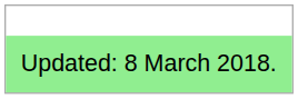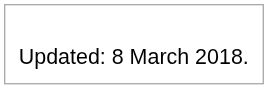 <table style="border:solid 1px #aaa;" cellpadding="10" cellspacing="0">
 <tr>
 <td></td>
 </tr>
 <tr>
-<td style="background: lightgreen;">Updated: 8 March 2018.</td>
+<td>Updated: 8 March 2018.</td>
 </tr>
 </table>
